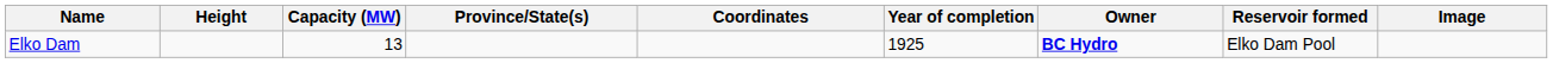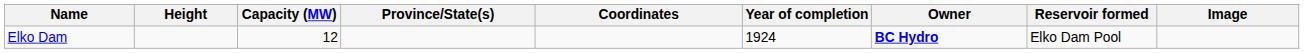 <table class="wikitable sortable" border="1">
 <tr>
 <th width="10%">Name</th>
 <th width="8%">Height</th>
 <th width="8%">Capacity (<a href='#'>MW</a>)</th>
 <th width="15%">Province/State(s)</th>
 <th width="16%">Coordinates</th>
 <th width="10%">Year of completion</th>
 <th width="12%">Owner</th>
 <th width="10%">Reservoir formed</th>
 <th>Image</th>
 </tr>
 <tr>
 <td><a href='#'>Elko Dam</a></td>
 <td></td>
-<td align="right">13</td>
+<td align="right">12</td>
 <td></td>
 <td></td>
-<td>1925</td>
+<td>1924</td>
 <td><strong><a href='#'>BC Hydro</a></strong></td>
 <td>Elko Dam Pool</td>
 <td></td>
 </tr>
 </table>
